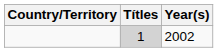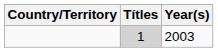 <table class="wikitable">
 <tr>
 <th>Country/Territory</th>
 <th>Títles</th>
 <th>Year(s)</th>
 </tr>
 <tr>
 <td></td>
 <td style="background: lightgrey; text-align:center;">1</td>
-<td>2002</td>
+<td>2003</td>
 </tr>
 </table>
